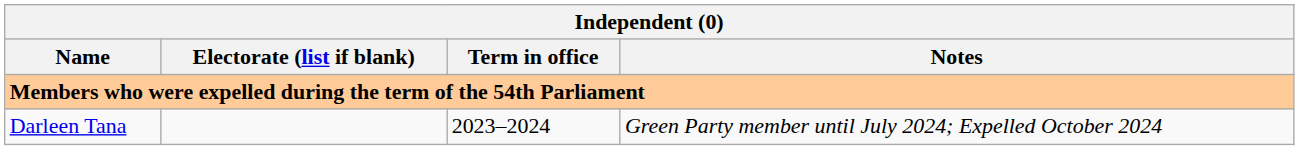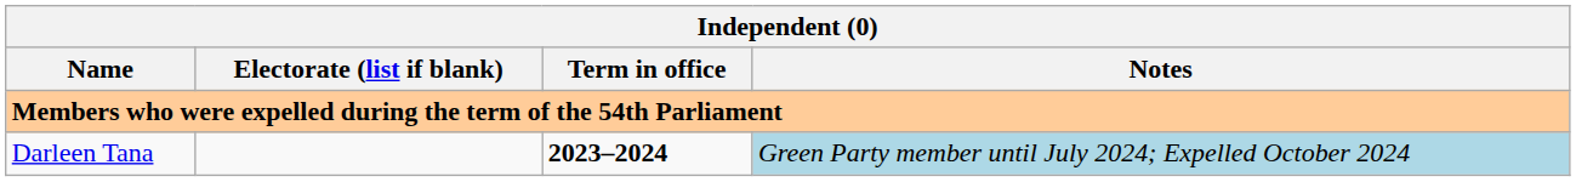 <table role="presentation" class="wikitable mw-collapsible mw-collapsed">
 <tr>
 <th colspan="6" style="width: 700pt; background: ">Independent (0)</th>
 </tr>
 <tr>
 <th>Name</th>
 <th>Electorate (<a href='#'>list</a> if blank)</th>
 <th>Term in office</th>
 <th>Notes</th>
 </tr>
 <tr>
 <td bgcolor=#ffcc99 colspan=6><strong>Members who were expelled during the term of the 54th Parliament</strong></td>
 </tr>
 <tr>
 <td><a href='#'>Darleen Tana</a></td>
 <td></td>
-<td>2023–2024</td>
-<td><em>Green Party member until July 2024; Expelled October 2024</em></td>
+<td><strong>2023–2024</strong></td>
+<td style="background: lightblue;"><em>Green Party member until July 2024; Expelled October 2024</em></td>
 </tr>
 </table>
